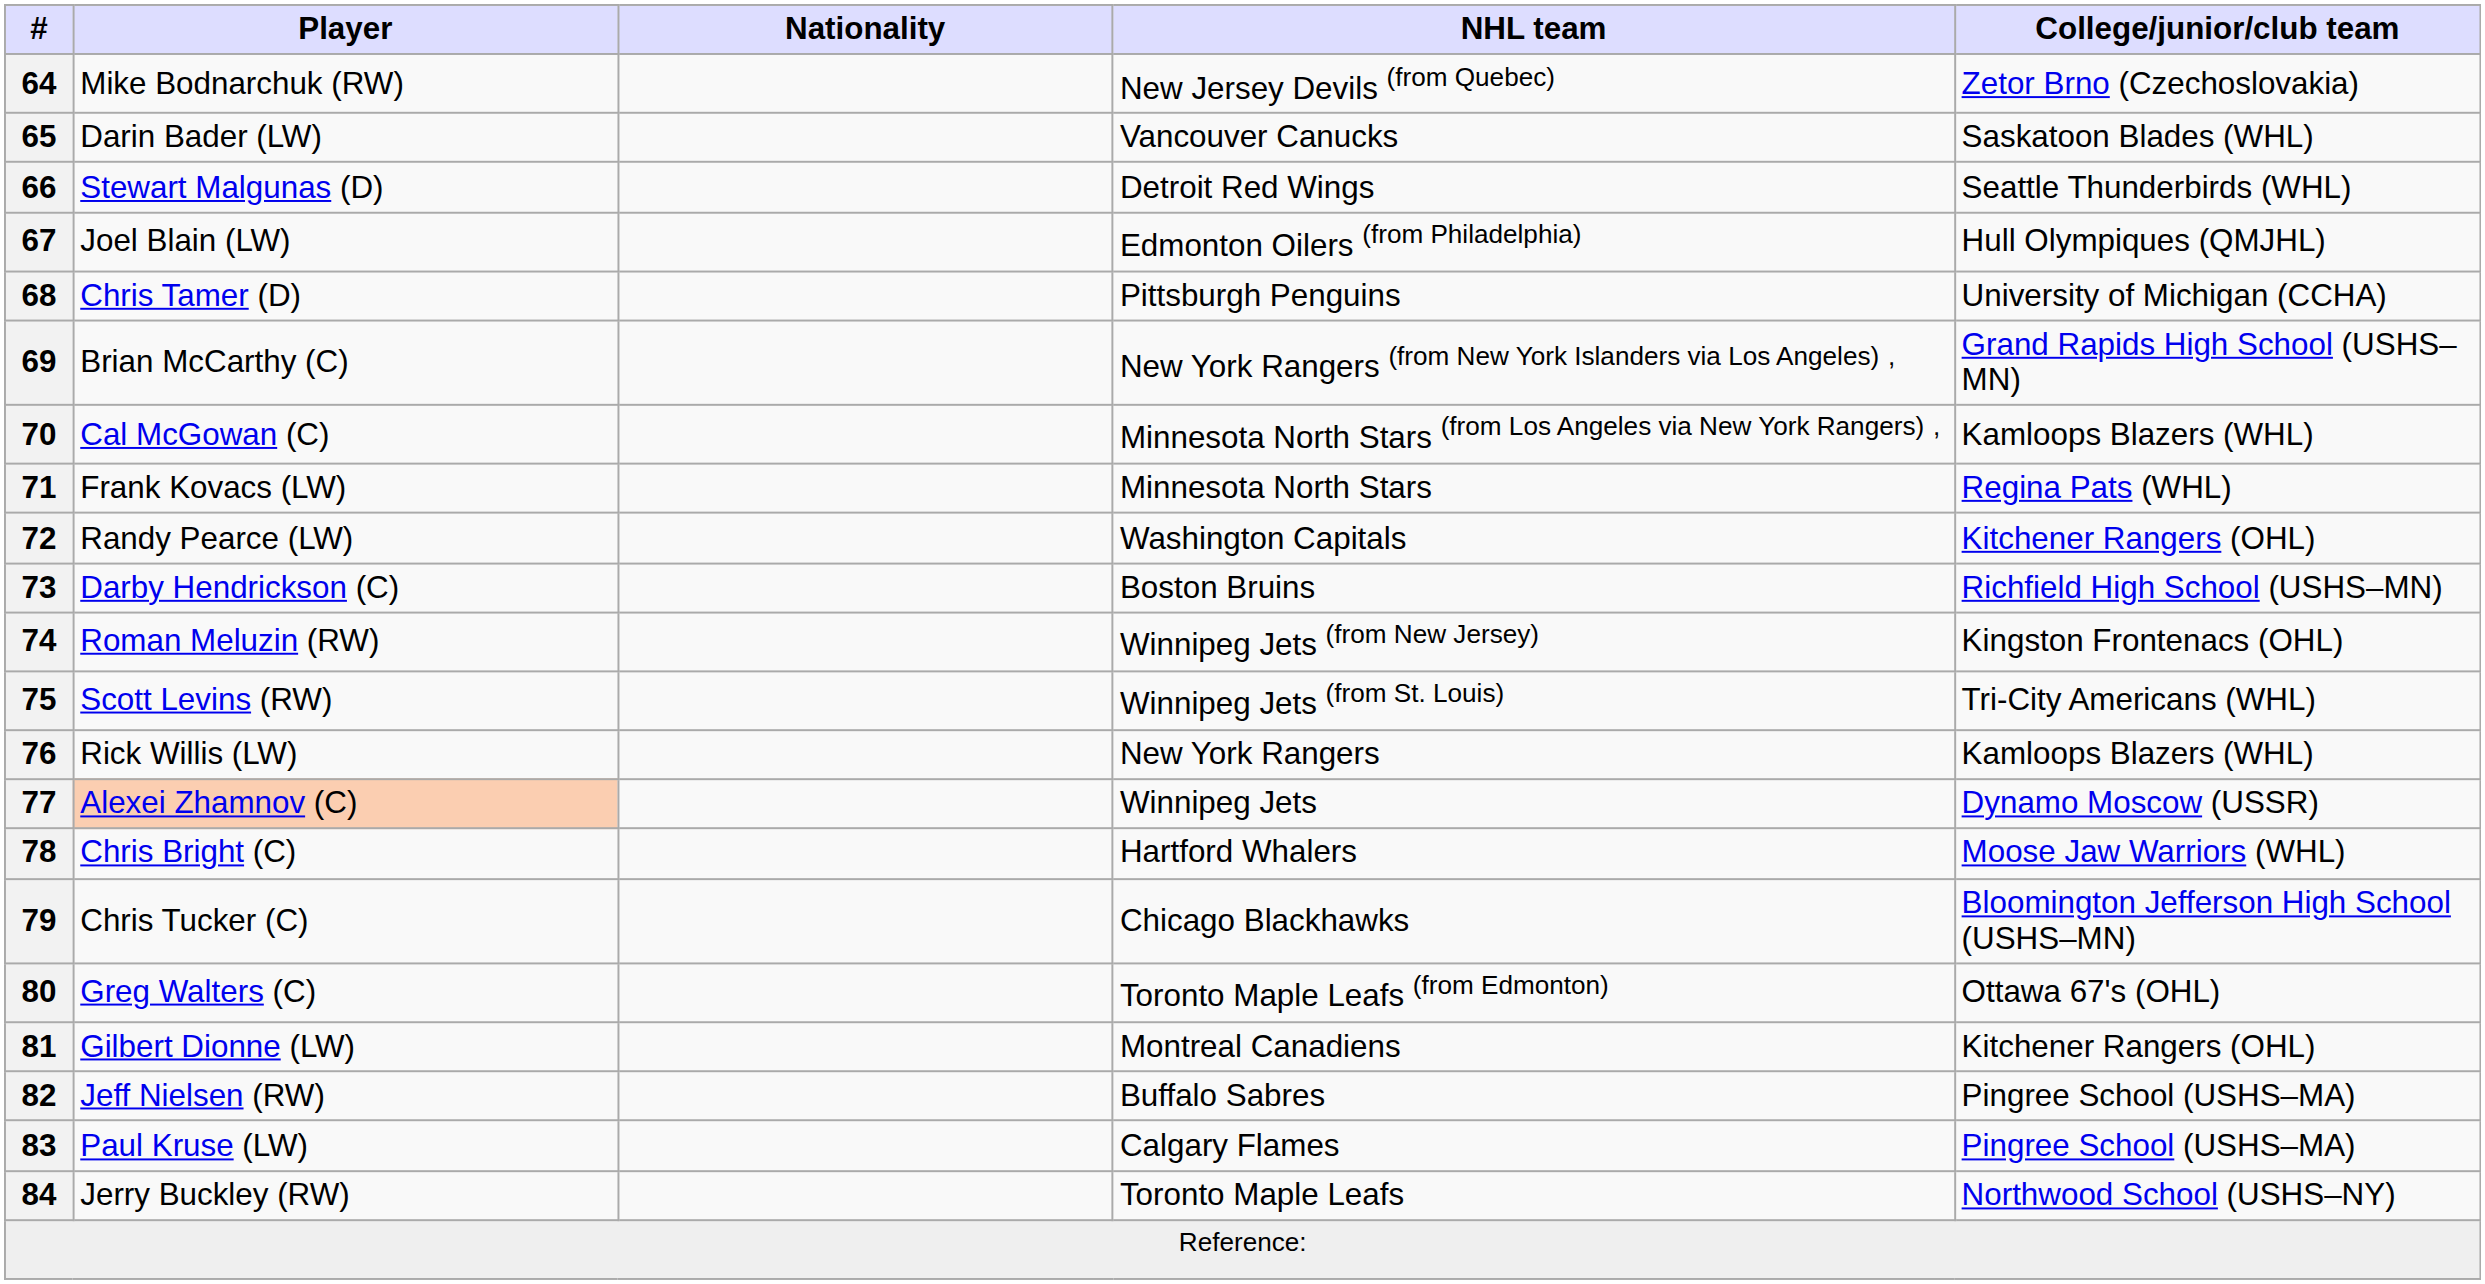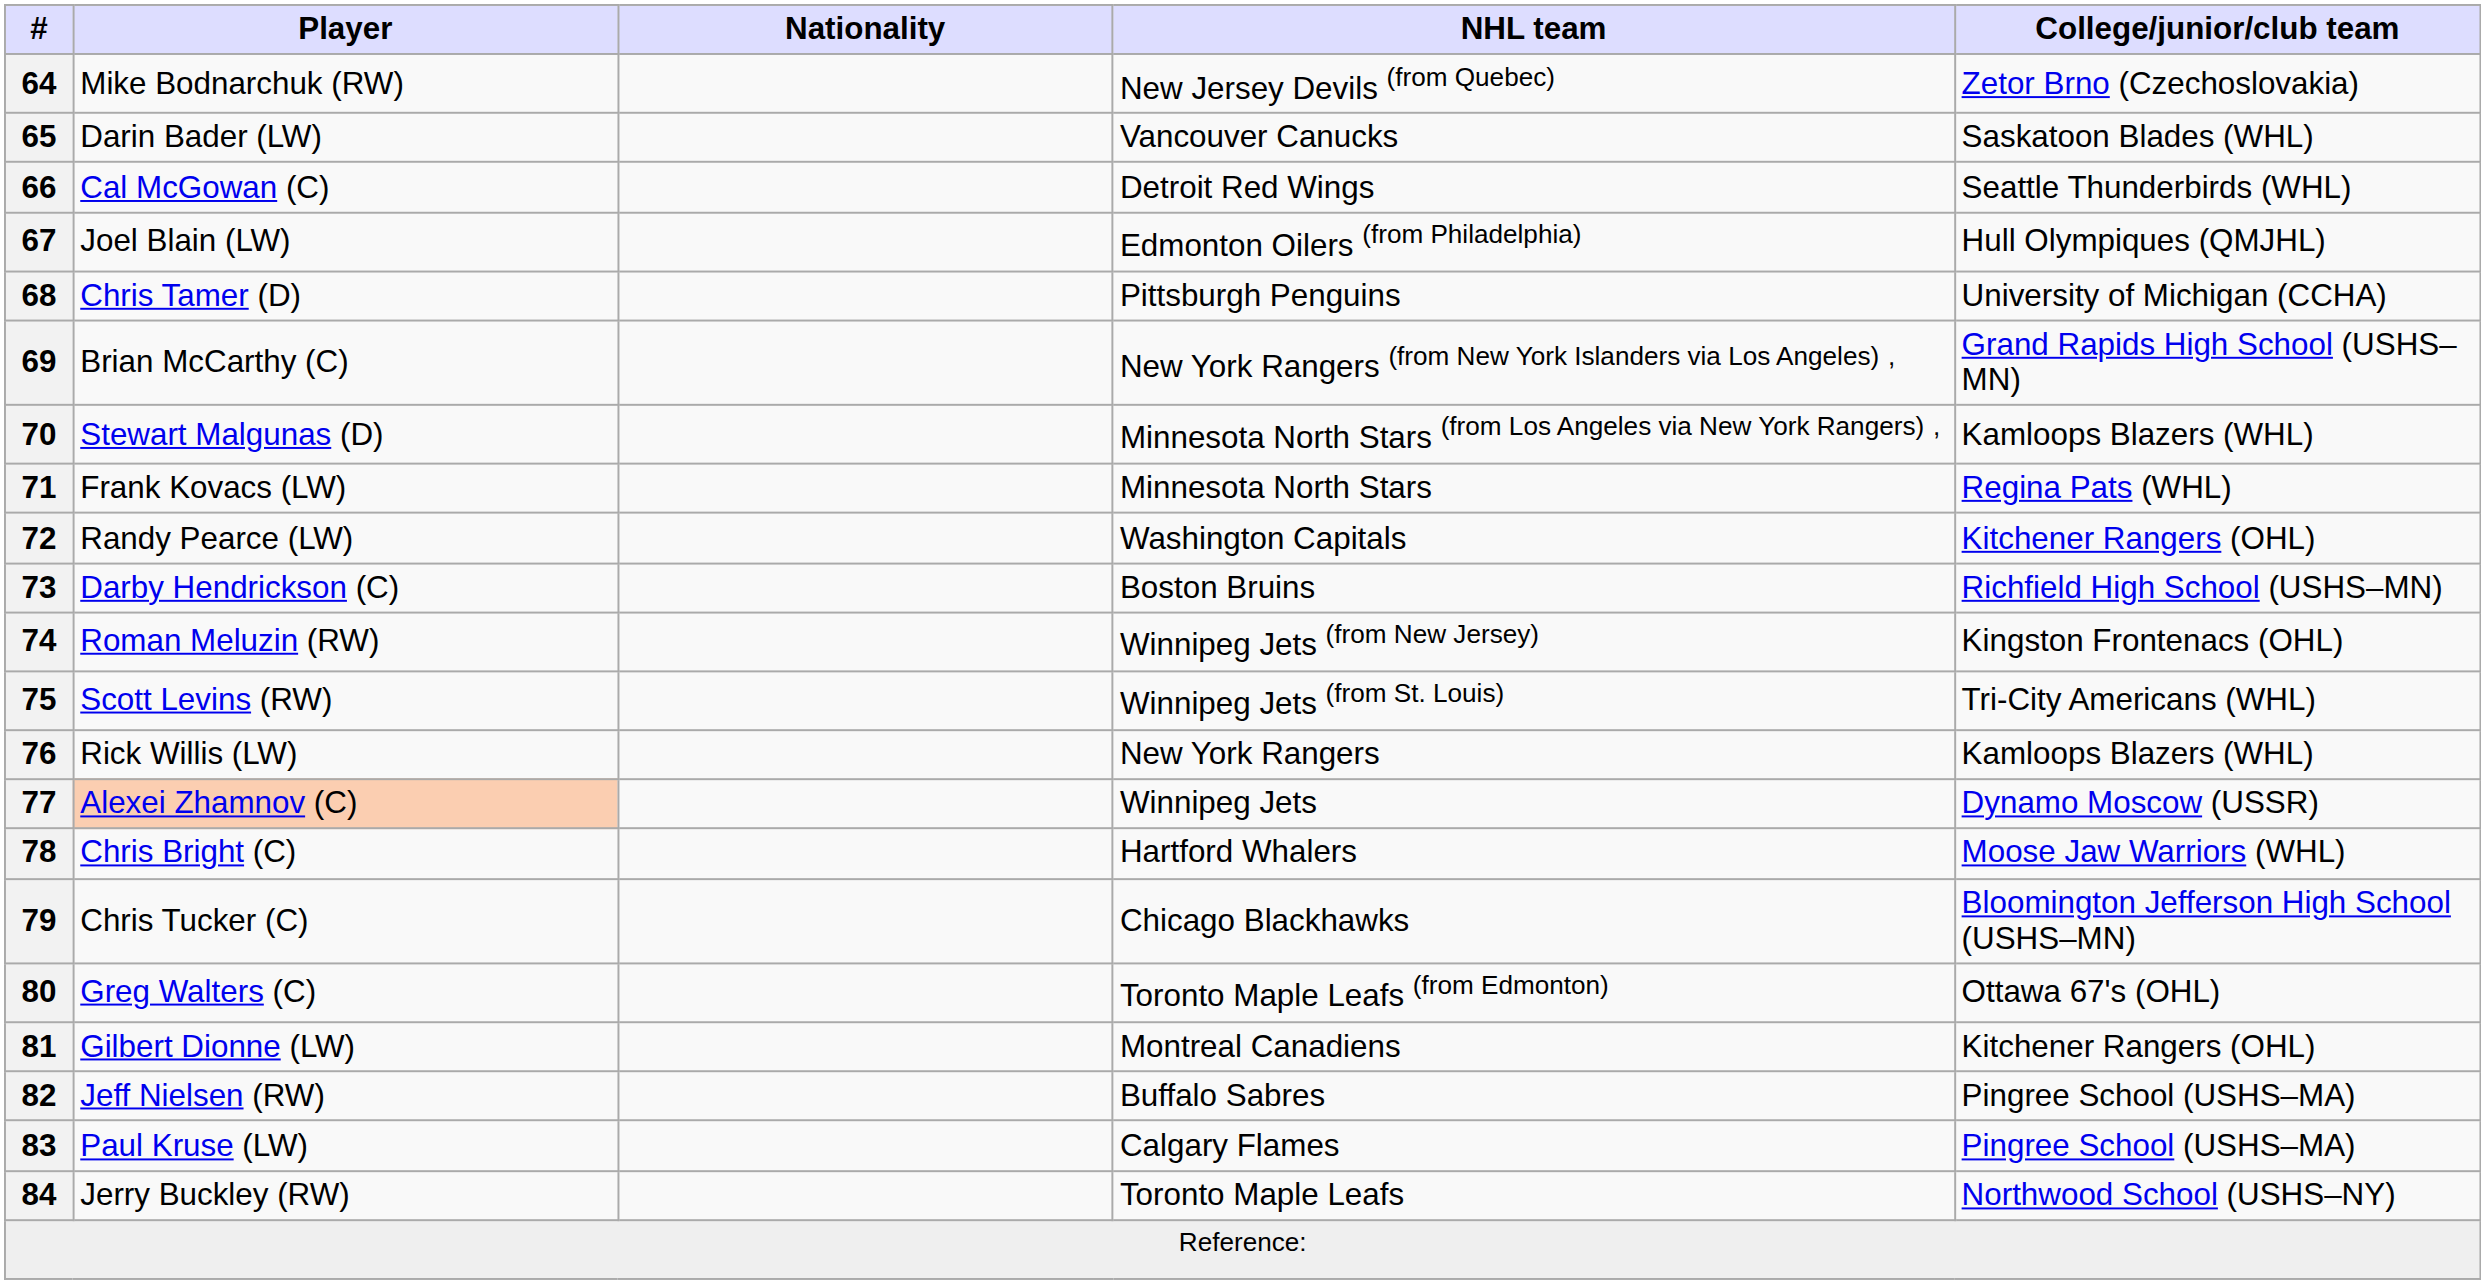 <table class="wikitable" style="width: 100%">
 <tr>
 <th style="background:#ddf; width:2.75%;">#</th>
 <th style="background:#ddf; width:22.0%;">Player</th>
 <th style="background:#ddf; width:20.0%;">Nationality</th>
 <th style="background:#ddf; width:34.0%;">NHL team</th>
 <th style="background:#ddf; width:100.0%;">College/junior/club team</th>
 </tr>
 <tr>
 <th>64</th>
 <td>Mike Bodnarchuk (RW)</td>
 <td></td>
 <td>New Jersey Devils <sup>(from Quebec)</sup> </td>
 <td><a href='#'>Zetor Brno</a> (Czechoslovakia)</td>
 </tr>
 <tr>
 <th>65</th>
 <td>Darin Bader (LW)</td>
 <td></td>
 <td>Vancouver Canucks</td>
 <td>Saskatoon Blades (WHL)</td>
 </tr>
 <tr>
 <th>66</th>
-<td><a href='#'>Stewart Malgunas</a> (D)</td>
+<td><a href='#'>Cal McGowan</a> (C)</td>
 <td></td>
 <td>Detroit Red Wings</td>
 <td>Seattle Thunderbirds (WHL)</td>
 </tr>
 <tr>
 <th>67</th>
 <td>Joel Blain (LW)</td>
 <td></td>
 <td>Edmonton Oilers <sup>(from Philadelphia)</sup> </td>
 <td>Hull Olympiques (QMJHL)</td>
 </tr>
 <tr>
 <th>68</th>
 <td><a href='#'>Chris Tamer</a> (D)</td>
 <td></td>
 <td>Pittsburgh Penguins</td>
 <td>University of Michigan (CCHA)</td>
 </tr>
 <tr>
 <th>69</th>
 <td>Brian McCarthy (C)</td>
 <td></td>
 <td>New York Rangers <sup>(from New York Islanders via Los Angeles)</sup> <sup>,</sup> </td>
 <td><a href='#'>Grand Rapids High School</a> (USHS–MN)</td>
 </tr>
 <tr>
 <th>70</th>
-<td><a href='#'>Cal McGowan</a> (C)</td>
+<td><a href='#'>Stewart Malgunas</a> (D)</td>
 <td></td>
 <td>Minnesota North Stars <sup>(from Los Angeles via New York Rangers)</sup> <sup>,</sup> </td>
 <td>Kamloops Blazers (WHL)</td>
 </tr>
 <tr>
 <th>71</th>
 <td>Frank Kovacs (LW)</td>
 <td></td>
 <td>Minnesota North Stars</td>
 <td><a href='#'>Regina Pats</a> (WHL)</td>
 </tr>
 <tr>
 <th>72</th>
 <td>Randy Pearce (LW)</td>
 <td></td>
 <td>Washington Capitals</td>
 <td><a href='#'>Kitchener Rangers</a> (OHL)</td>
 </tr>
 <tr>
 <th>73</th>
 <td><a href='#'>Darby Hendrickson</a> (C)</td>
 <td></td>
 <td>Boston Bruins</td>
 <td><a href='#'>Richfield High School</a> (USHS–MN)</td>
 </tr>
 <tr>
 <th>74</th>
 <td><a href='#'>Roman Meluzin</a> (RW)</td>
 <td></td>
 <td>Winnipeg Jets <sup>(from New Jersey)</sup> </td>
 <td>Kingston Frontenacs (OHL)</td>
 </tr>
 <tr>
 <th>75</th>
 <td><a href='#'>Scott Levins</a> (RW)</td>
 <td></td>
 <td>Winnipeg Jets <sup>(from St. Louis)</sup> </td>
 <td>Tri-City Americans (WHL)</td>
 </tr>
 <tr>
 <th>76</th>
 <td>Rick Willis (LW)</td>
 <td></td>
 <td>New York Rangers</td>
 <td>Kamloops Blazers (WHL)</td>
 </tr>
 <tr>
 <th>77</th>
 <td bgcolor="#FBCEB1"><a href='#'>Alexei Zhamnov</a> (C)</td>
 <td></td>
 <td>Winnipeg Jets</td>
 <td><a href='#'>Dynamo Moscow</a> (USSR)</td>
 </tr>
 <tr>
 <th>78</th>
 <td><a href='#'>Chris Bright</a> (C)</td>
 <td></td>
 <td>Hartford Whalers</td>
 <td><a href='#'>Moose Jaw Warriors</a> (WHL)</td>
 </tr>
 <tr>
 <th>79</th>
 <td>Chris Tucker (C)</td>
 <td></td>
 <td>Chicago Blackhawks</td>
 <td><a href='#'>Bloomington Jefferson High School</a> (USHS–MN)</td>
 </tr>
 <tr>
 <th>80</th>
 <td><a href='#'>Greg Walters</a> (C)</td>
 <td></td>
 <td>Toronto Maple Leafs <sup>(from Edmonton)</sup> </td>
 <td>Ottawa 67's (OHL)</td>
 </tr>
 <tr>
 <th>81</th>
 <td><a href='#'>Gilbert Dionne</a> (LW)</td>
 <td></td>
 <td>Montreal Canadiens</td>
 <td>Kitchener Rangers (OHL)</td>
 </tr>
 <tr>
 <th>82</th>
 <td><a href='#'>Jeff Nielsen</a> (RW)</td>
 <td></td>
 <td>Buffalo Sabres</td>
 <td>Pingree School (USHS–MA)</td>
 </tr>
 <tr>
 <th>83</th>
 <td><a href='#'>Paul Kruse</a> (LW)</td>
 <td></td>
 <td>Calgary Flames</td>
 <td><a href='#'>Pingree School</a> (USHS–MA)</td>
 </tr>
 <tr>
 <th>84</th>
 <td>Jerry Buckley (RW)</td>
 <td></td>
 <td>Toronto Maple Leafs</td>
 <td><a href='#'>Northwood School</a> (USHS–NY)</td>
 </tr>
 <tr>
 <td align=center colspan="6" bgcolor="#efefef"><sup>Reference:  </sup></td>
 </tr>
 </table>
